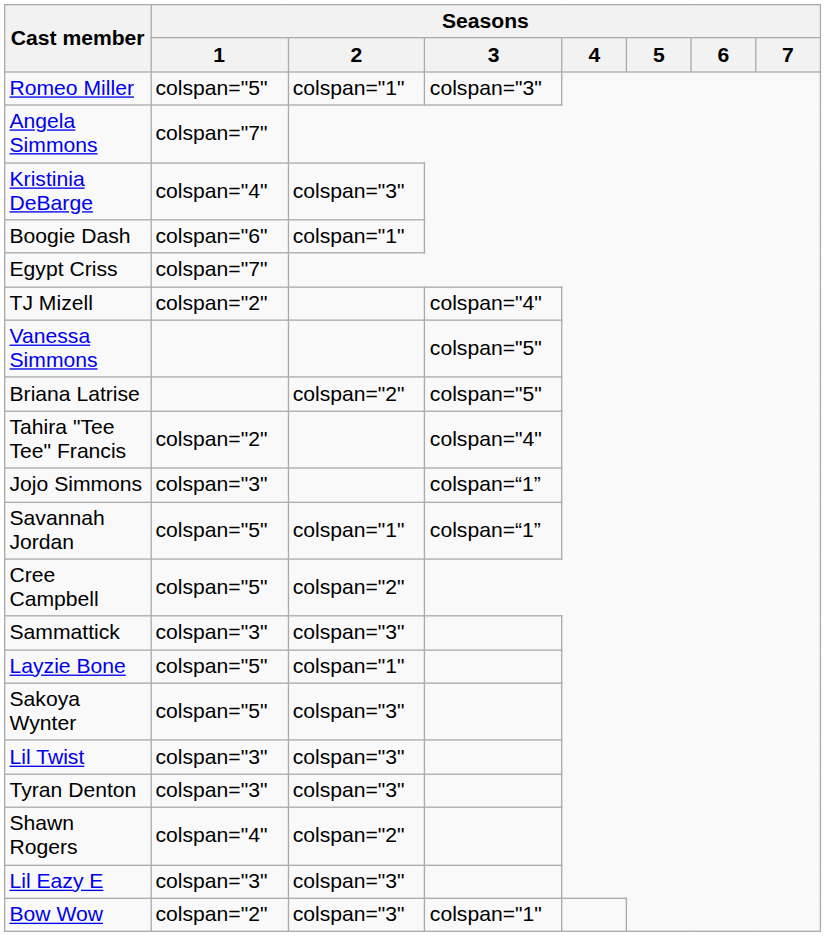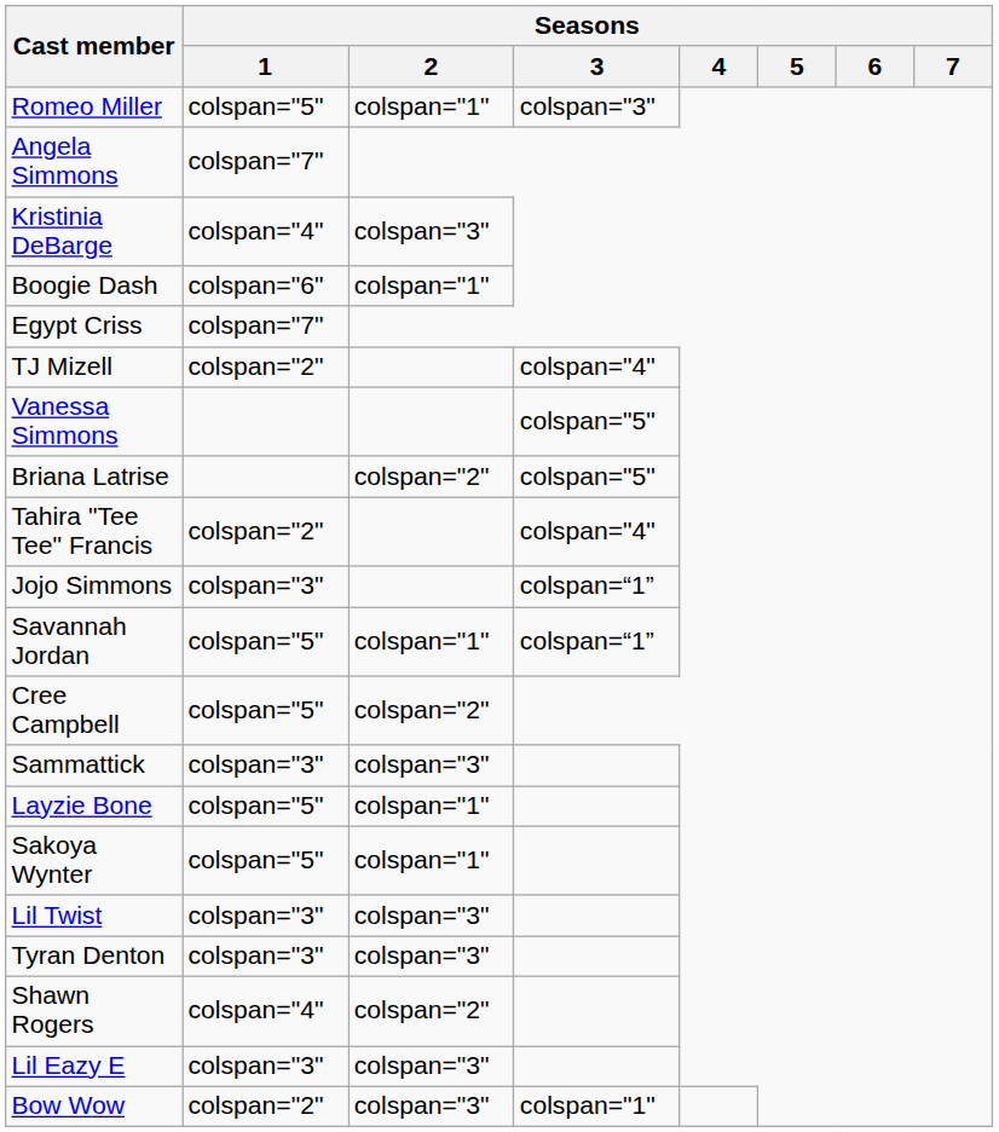 <table class="wikitable plainrowheaders" style="width:70%;">
 <tr>
 <th scope="col" rowspan="2" style="width:10%;">Cast member</th>
 <th scope="col" colspan="7">Seasons</th>
 </tr>
 <tr>
 <th scope="col" style="width:6%;">1</th>
 <th scope="col" style="width:6%;">2</th>
 <th scope="col" style="width:6%;">3</th>
 <th scope="col" style="width:6%;">4</th>
 <th scope="col" style="width:6%;">5</th>
 <th scope="col" style="width:6%;">6</th>
 <th scope="col" style="width:6%;">7</th>
 </tr>
 <tr>
 <td scope="row"><a href='#'>Romeo Miller</a></td>
 <td>colspan="5" </td>
 <td>colspan="1" </td>
 <td>colspan="3" </td>
 </tr>
 <tr>
 <td scope="row"><a href='#'>Angela Simmons</a></td>
 <td>colspan="7" </td>
 </tr>
 <tr>
 <td scope="row"><a href='#'>Kristinia DeBarge</a></td>
 <td>colspan="4" </td>
 <td>colspan="3" </td>
 </tr>
 <tr>
 <td scope="row">Boogie Dash</td>
 <td>colspan="6" </td>
 <td>colspan="1" </td>
 </tr>
 <tr>
 <td scope="row">Egypt Criss</td>
 <td>colspan="7" </td>
 </tr>
 <tr>
 <td scope="row">TJ Mizell</td>
 <td>colspan="2" </td>
 <td></td>
 <td>colspan="4" </td>
 </tr>
 <tr>
 <td scope="row"><a href='#'>Vanessa Simmons</a></td>
 <td></td>
 <td></td>
 <td>colspan="5" </td>
 </tr>
 <tr>
 <td scope="row">Briana Latrise</td>
 <td></td>
 <td>colspan="2" </td>
 <td>colspan="5" </td>
 </tr>
 <tr>
 <td scope="row">Tahira "Tee Tee" Francis</td>
 <td>colspan="2" </td>
 <td></td>
 <td>colspan="4" </td>
 </tr>
 <tr>
 <td scope="row">Jojo Simmons</td>
 <td>colspan="3" </td>
 <td></td>
 <td>colspan=“1” </td>
 </tr>
 <tr>
 <td scope="row">Savannah Jordan</td>
 <td>colspan="5" </td>
 <td>colspan="1" </td>
 <td>colspan=“1” </td>
 </tr>
 <tr>
 <td scope="row">Cree Campbell</td>
 <td>colspan="5" </td>
 <td>colspan="2" </td>
 </tr>
 <tr>
 <td scope="row">Sammattick</td>
 <td>colspan="3" </td>
 <td>colspan="3" </td>
 <td></td>
 </tr>
 <tr>
 <td scope="row"><a href='#'>Layzie Bone</a></td>
 <td>colspan="5" </td>
 <td>colspan="1" </td>
 <td></td>
 </tr>
 <tr>
 <td scope="row">Sakoya Wynter</td>
 <td>colspan="5" </td>
-<td>colspan="3" </td>
+<td>colspan="1" </td>
 <td></td>
 </tr>
 <tr>
 <td scope="row"><a href='#'>Lil Twist</a></td>
 <td>colspan="3" </td>
 <td>colspan="3" </td>
 <td></td>
 </tr>
 <tr>
 <td scope="row">Tyran Denton</td>
 <td>colspan="3" </td>
 <td>colspan="3" </td>
 <td></td>
 </tr>
 <tr>
 <td scope="row">Shawn Rogers</td>
 <td>colspan="4" </td>
 <td>colspan="2" </td>
 <td></td>
 </tr>
 <tr>
 <td scope="row"><a href='#'>Lil Eazy E</a></td>
 <td>colspan="3" </td>
 <td>colspan="3" </td>
 <td></td>
 </tr>
 <tr>
 <td scope="row"><a href='#'>Bow Wow</a></td>
 <td>colspan="2" </td>
 <td>colspan="3" </td>
 <td>colspan="1" </td>
 <td></td>
 </tr>
 </table>
